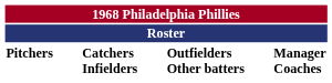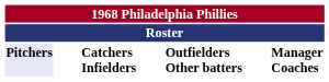 <table class="toccolours" style="font-size: 95%;">
 <tr>
 <th colspan="10" style="background-color: #A50024; color: white; text-align: center;">1968 Philadelphia Phillies</th>
 </tr>
 <tr>
 <td colspan="10" style="background-color: #263473; color: white; text-align: center;"><strong>Roster</strong></td>
 </tr>
 <tr>
-<td valign="top"><strong>Pitchers</strong><br>            </td>
+<td valign="top" style="background: lavender;"><strong>Pitchers</strong><br>            </td>
 <td width="25px"></td>
 <td valign="top"><strong>Catchers</strong><br>   <strong>Infielders</strong>        </td>
 <td width="25px"></td>
 <td valign="top"><strong>Outfielders</strong><br>       <strong>Other batters</strong> </td>
 <td width="25px"></td>
 <td valign="top"><strong>Manager</strong><br>  <strong>Coaches</strong>   </td>
 </tr>
 <tr>
 </tr>
 </table>
